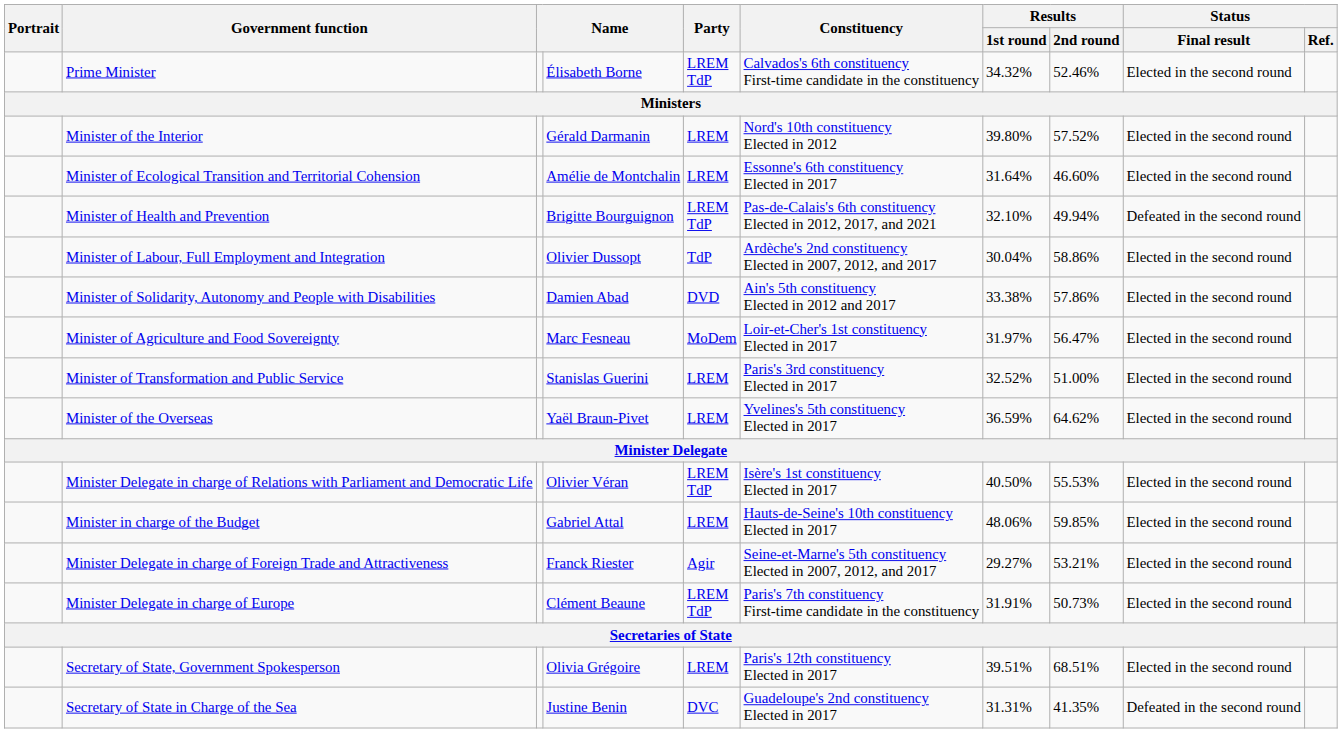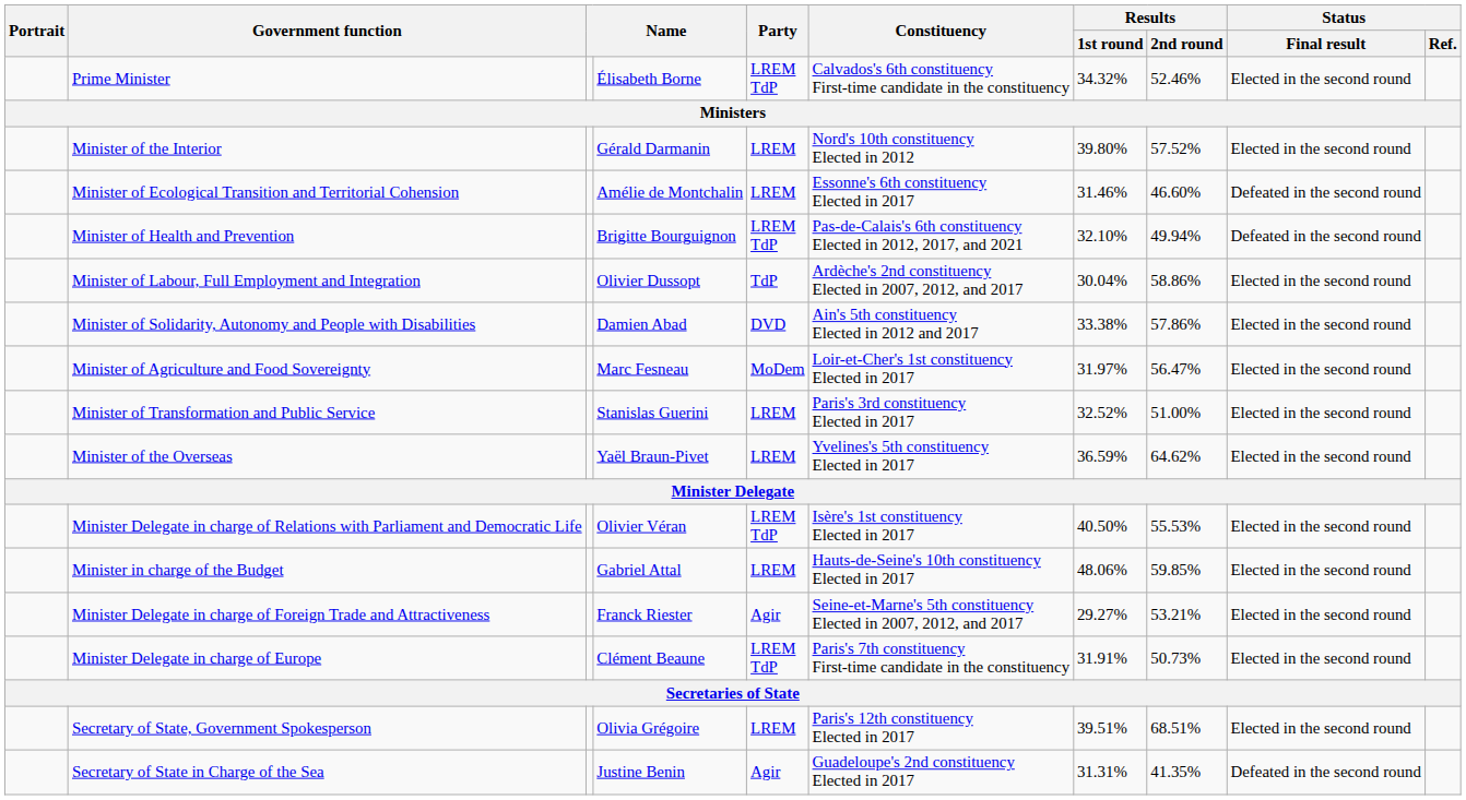 <table class="wikitable">
 <tr>
 <th rowspan="2">Portrait</th>
 <th rowspan="2">Government function</th>
 <th colspan="2" rowspan="2">Name</th>
 <th rowspan="2">Party</th>
 <th rowspan="2">Constituency</th>
 <th colspan="2">Results</th>
 <th colspan="2">Status</th>
 </tr>
 <tr>
 <th>1st round</th>
 <th>2nd round</th>
 <th>Final result</th>
 <th>Ref.</th>
 </tr>
 <tr>
 <td></td>
 <td><a href='#'>Prime Minister</a></td>
 <td style="background:"></td>
 <td><a href='#'>Élisabeth Borne</a></td>
 <td><a href='#'>LREM</a><br><a href='#'>TdP</a></td>
 <td><a href='#'>Calvados's 6th constituency</a><br>First-time candidate in the constituency</td>
 <td>34.32%</td>
 <td>52.46%</td>
 <td>Elected in the second round</td>
 <td></td>
 </tr>
 <tr>
 <th colspan="10">Ministers</th>
 </tr>
 <tr>
 <td></td>
 <td><a href='#'>Minister of the Interior</a></td>
 <td style="background:"></td>
 <td><a href='#'>Gérald Darmanin</a></td>
 <td><a href='#'>LREM</a></td>
 <td><a href='#'>Nord's 10th constituency</a><br>Elected in 2012</td>
 <td>39.80%</td>
 <td>57.52%</td>
 <td>Elected in the second round</td>
 <td></td>
 </tr>
 <tr>
 <td></td>
 <td><a href='#'>Minister of Ecological Transition and Territorial Cohension</a></td>
 <td style="background:"></td>
 <td><a href='#'>Amélie de Montchalin</a></td>
 <td><a href='#'>LREM</a></td>
 <td><a href='#'>Essonne's 6th constituency</a><br>Elected in 2017</td>
-<td>31.64%</td>
+<td>31.46%</td>
 <td>46.60%</td>
-<td>Elected in the second round</td>
+<td>Defeated in the second round</td>
 <td></td>
 </tr>
 <tr>
 <td></td>
 <td><a href='#'>Minister of Health and Prevention</a></td>
 <td style="background:"></td>
 <td><a href='#'>Brigitte Bourguignon</a></td>
 <td><a href='#'>LREM</a><br><a href='#'>TdP</a></td>
 <td><a href='#'>Pas-de-Calais's 6th constituency</a><br>Elected in 2012, 2017, and 2021</td>
 <td>32.10%</td>
 <td>49.94%</td>
 <td>Defeated in the second round</td>
 <td></td>
 </tr>
 <tr>
 <td></td>
 <td><a href='#'>Minister of Labour, Full Employment and Integration</a></td>
 <td style="background:"></td>
 <td><a href='#'>Olivier Dussopt</a></td>
 <td><a href='#'>TdP</a></td>
 <td><a href='#'>Ardèche's 2nd constituency</a><br>Elected in 2007, 2012, and 2017</td>
 <td>30.04%</td>
 <td>58.86%</td>
 <td>Elected in the second round</td>
 <td></td>
 </tr>
 <tr>
 <td></td>
 <td><a href='#'>Minister of Solidarity, Autonomy and People with Disabilities</a></td>
 <td style="background:"></td>
 <td><a href='#'>Damien Abad</a></td>
 <td><a href='#'>DVD</a></td>
 <td><a href='#'>Ain's 5th constituency</a><br>Elected in 2012 and 2017</td>
 <td>33.38%</td>
 <td>57.86%</td>
 <td>Elected in the second round</td>
 <td></td>
 </tr>
 <tr>
 <td></td>
 <td><a href='#'>Minister of Agriculture and Food Sovereignty</a></td>
 <td style="background:"></td>
 <td><a href='#'>Marc Fesneau</a></td>
 <td><a href='#'>MoDem</a></td>
 <td><a href='#'>Loir-et-Cher's 1st constituency</a><br>Elected in 2017</td>
 <td>31.97%</td>
 <td>56.47%</td>
 <td>Elected in the second round</td>
 <td></td>
 </tr>
 <tr>
 <td></td>
 <td><a href='#'>Minister of Transformation and Public Service</a></td>
 <td style="background:"></td>
 <td><a href='#'>Stanislas Guerini</a></td>
 <td><a href='#'>LREM</a></td>
 <td><a href='#'>Paris's 3rd constituency</a><br>Elected in 2017</td>
 <td>32.52%</td>
 <td>51.00%</td>
 <td>Elected in the second round</td>
 <td></td>
 </tr>
 <tr>
 <td></td>
 <td><a href='#'>Minister of the Overseas</a></td>
 <td style="background:"></td>
 <td><a href='#'>Yaël Braun-Pivet</a></td>
 <td><a href='#'>LREM</a></td>
 <td><a href='#'>Yvelines's 5th constituency</a><br>Elected in 2017</td>
 <td>36.59%</td>
 <td>64.62%</td>
 <td>Elected in the second round</td>
 <td></td>
 </tr>
 <tr>
 <th colspan="10"><a href='#'>Minister Delegate</a></th>
 </tr>
 <tr>
 <td></td>
 <td><a href='#'>Minister Delegate in charge of Relations with Parliament and Democratic Life</a></td>
 <td style="background:"></td>
 <td><a href='#'>Olivier Véran</a></td>
 <td><a href='#'>LREM</a><br><a href='#'>TdP</a></td>
 <td><a href='#'>Isère's 1st constituency</a><br>Elected in 2017</td>
 <td>40.50%</td>
 <td>55.53%</td>
 <td>Elected in the second round</td>
 <td></td>
 </tr>
 <tr>
 <td></td>
 <td><a href='#'>Minister in charge of the Budget</a></td>
 <td style="background:"></td>
 <td><a href='#'>Gabriel Attal</a></td>
 <td><a href='#'>LREM</a></td>
 <td><a href='#'>Hauts-de-Seine's 10th constituency</a><br>Elected in 2017</td>
 <td>48.06%</td>
 <td>59.85%</td>
 <td>Elected in the second round</td>
 <td></td>
 </tr>
 <tr>
 <td></td>
 <td><a href='#'>Minister Delegate in charge of Foreign Trade and Attractiveness</a></td>
 <td style="background:"></td>
 <td><a href='#'>Franck Riester</a></td>
 <td><a href='#'>Agir</a></td>
 <td><a href='#'>Seine-et-Marne's 5th constituency</a><br>Elected in 2007, 2012, and 2017</td>
 <td>29.27%</td>
 <td>53.21%</td>
 <td>Elected in the second round</td>
 <td></td>
 </tr>
 <tr>
 <td></td>
 <td><a href='#'>Minister Delegate in charge of Europe</a></td>
 <td style="background:"></td>
 <td><a href='#'>Clément Beaune</a></td>
 <td><a href='#'>LREM</a><br><a href='#'>TdP</a></td>
 <td><a href='#'>Paris's 7th constituency</a><br>First-time candidate in the constituency</td>
 <td>31.91%</td>
 <td>50.73%</td>
 <td>Elected in the second round</td>
 <td></td>
 </tr>
 <tr>
 <th colspan="10"><a href='#'>Secretaries of State</a></th>
 </tr>
 <tr>
 <td></td>
 <td><a href='#'>Secretary of State, Government Spokesperson</a></td>
 <td style="background:"></td>
 <td><a href='#'>Olivia Grégoire</a></td>
 <td><a href='#'>LREM</a></td>
 <td><a href='#'>Paris's 12th constituency</a><br>Elected in 2017</td>
 <td>39.51%</td>
 <td>68.51%</td>
 <td>Elected in the second round</td>
 <td></td>
 </tr>
 <tr>
 <td></td>
 <td><a href='#'>Secretary of State in Charge of the Sea</a></td>
 <td style="background:"></td>
 <td><a href='#'>Justine Benin</a></td>
-<td><a href='#'>DVC</a></td>
+<td><a href='#'>Agir</a></td>
 <td><a href='#'>Guadeloupe's 2nd constituency</a><br>Elected in 2017</td>
 <td>31.31%</td>
 <td>41.35%</td>
 <td>Defeated in the second round</td>
 <td></td>
 </tr>
 </table>
